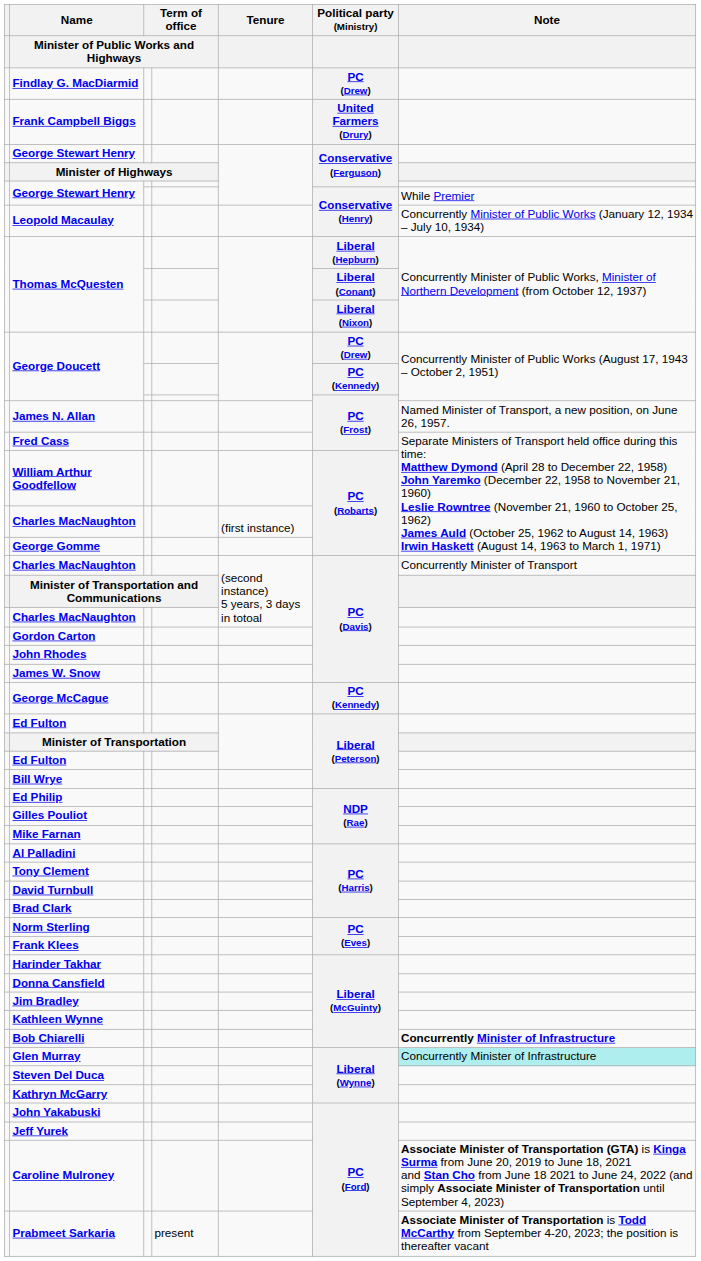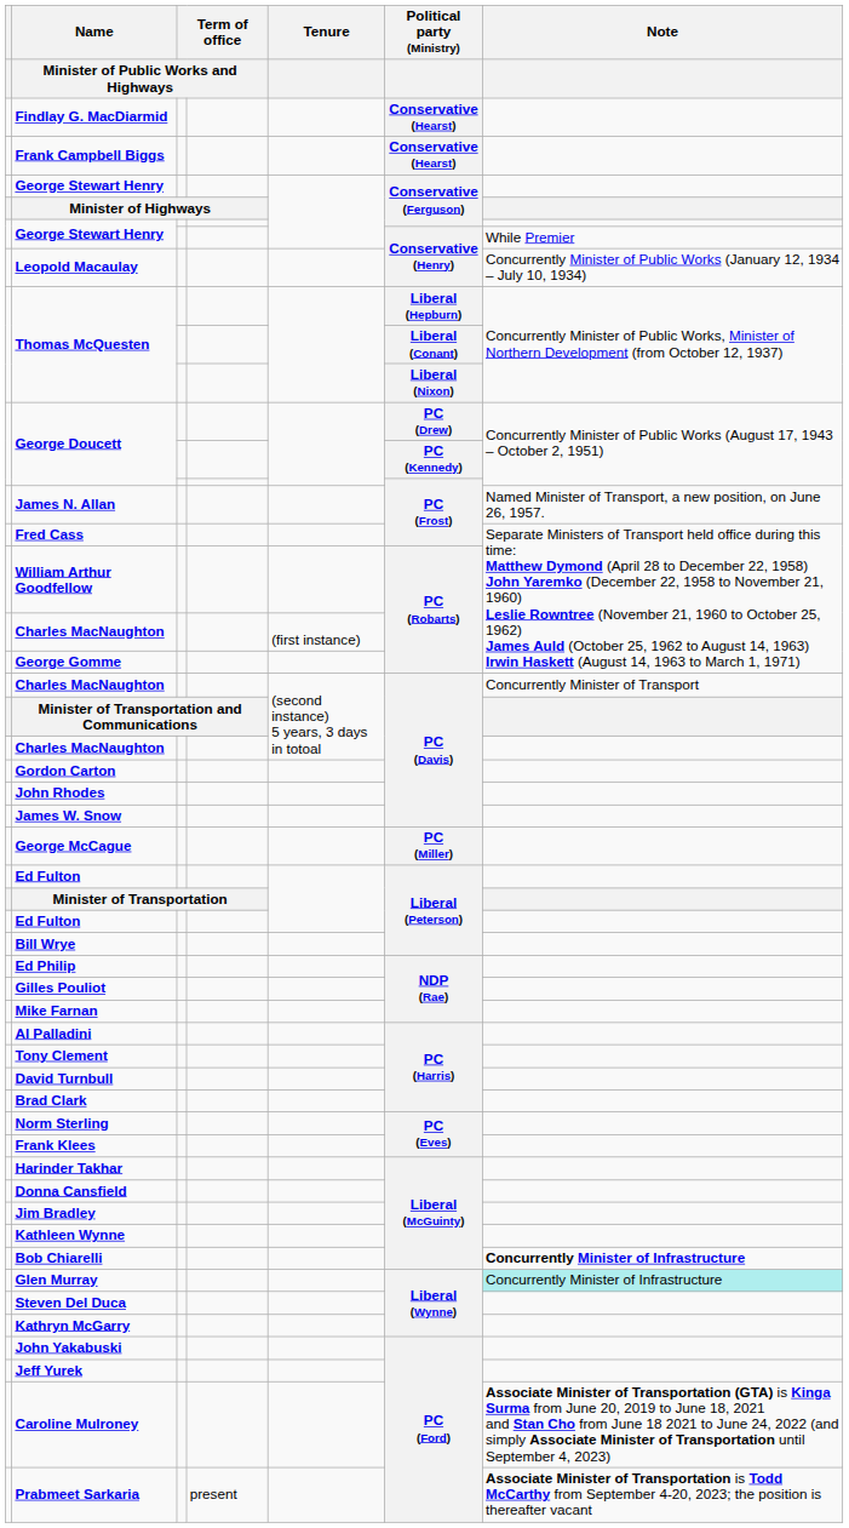 <table class="wikitable" style="width: 75%">
 <tr>
 <th></th>
 <th>Name</th>
 <th colspan=2>Term of office</th>
 <th>Tenure</th>
 <th>Political party<br><small>(Ministry)</small></th>
 <th style="width: 400px;">Note</th>
 </tr>
 <tr>
 <th></th>
 <th colspan=3>Minister of Public Works and Highways</th>
 <th></th>
 <th></th>
 <th></th>
 </tr>
 <tr>
 <td style="background:"></td>
 <td><strong><a href='#'>Findlay G. MacDiarmid</a></strong></td>
 <td></td>
 <td></td>
 <td></td>
-<th style="background:"><a href='#'>PC</a><br><small>(<a href='#'>Drew</a>)</small></th>
+<th style="background:"><a href='#'>Conservative</a><br><small>(<a href='#'>Hearst</a>)</small></th>
 <td></td>
 </tr>
 <tr>
 <td style="background:"></td>
 <td><strong><a href='#'>Frank Campbell Biggs</a></strong></td>
 <td></td>
 <td></td>
 <td></td>
-<th style="background:"><a href='#'>United Farmers</a><br><small>(<a href='#'>Drury</a>)</small></th>
+<th style="background:"><a href='#'>Conservative</a><br><small>(<a href='#'>Hearst</a>)</small></th>
 <td></td>
 </tr>
 <tr>
 <td style="background:"></td>
 <td><strong><a href='#'>George Stewart Henry</a></strong></td>
 <td></td>
 <td></td>
 <td rowspan=4></td>
 <th rowspan=3; style="background:"><a href='#'>Conservative</a><br><small>(<a href='#'>Ferguson</a>)</small></th>
 <td></td>
 </tr>
 <tr>
 <th></th>
 <th colspan=3>Minister of Highways</th>
 <th></th>
 </tr>
 <tr>
 <td rowspan=2; style="background:"></td>
 <td rowspan=2><strong><a href='#'>George Stewart Henry</a></strong></td>
 <td></td>
 <td></td>
 <td></td>
 </tr>
 <tr>
 <td></td>
 <td></td>
 <th rowspan=2; style="background:"><a href='#'>Conservative</a><br><small>(<a href='#'>Henry</a>)</small></th>
 <td>While <a href='#'>Premier</a></td>
 </tr>
 <tr>
 <td style="background:"></td>
 <td><strong><a href='#'>Leopold Macaulay</a></strong></td>
 <td></td>
 <td></td>
 <td></td>
 <td>Concurrently <a href='#'>Minister of Public Works</a> (January 12, 1934 – July 10, 1934)</td>
 </tr>
 <tr>
 <td rowspan=3; style="background:"></td>
 <td rowspan=3><strong><a href='#'>Thomas McQuesten</a></strong></td>
 <td></td>
 <td></td>
 <td rowspan=3></td>
 <th style="background:"><a href='#'>Liberal</a><br><small>(<a href='#'>Hepburn</a>)</small></th>
 <td rowspan=3>Concurrently Minister of Public Works, <a href='#'>Minister of Northern Development</a> (from October 12, 1937)</td>
 </tr>
 <tr>
 <td></td>
 <td></td>
 <th style="background:"><a href='#'>Liberal</a><br><small>(<a href='#'>Conant</a>)</small></th>
 </tr>
 <tr>
 <td></td>
 <td></td>
 <th style="background:"><a href='#'>Liberal</a><br><small>(<a href='#'>Nixon</a>)</small></th>
 </tr>
 <tr>
 <td rowspan=3; style="background:"></td>
 <td rowspan=3><strong><a href='#'>George Doucett</a></strong></td>
 <td></td>
 <td></td>
 <td rowspan=3></td>
 <th style="background:"><a href='#'>PC</a><br><small>(<a href='#'>Drew</a>)</small></th>
 <td rowspan=3>Concurrently Minister of Public Works (August 17, 1943 – October 2, 1951)</td>
 </tr>
 <tr>
 <td></td>
 <td></td>
 <th style="background:"><a href='#'>PC</a><br><small>(<a href='#'>Kennedy</a>)</small></th>
 </tr>
 <tr>
 <td></td>
 <td></td>
 <th rowspan=3; style="background:"><a href='#'>PC</a><br><small>(<a href='#'>Frost</a>)</small></th>
 </tr>
 <tr>
 <td style="background:"></td>
 <td><strong><a href='#'>James N. Allan</a></strong></td>
 <td></td>
 <td></td>
 <td></td>
 <td>Named Minister of Transport, a new position, on June 26, 1957.</td>
 </tr>
 <tr>
 <td style="background:"></td>
 <td><strong><a href='#'>Fred Cass</a></strong></td>
 <td></td>
 <td></td>
 <td></td>
 <td rowspan=4>Separate Ministers of Transport held office during this time: <br><strong><a href='#'>Matthew Dymond</a></strong> (April 28 to December 22, 1958) <br><strong><a href='#'>John Yaremko</a></strong>	(December 22, 1958 to November 21, 1960)<br><strong><a href='#'>Leslie Rowntree</a></strong> (November 21, 1960 to October 25, 1962)<br><strong><a href='#'>James Auld</a></strong> (October 25, 1962 to August 14, 1963)<br><strong><a href='#'>Irwin Haskett</a></strong> (August 14, 1963 to March 1, 1971)</td>
 </tr>
 <tr>
 <td style="background:"></td>
 <td><strong><a href='#'>William Arthur Goodfellow</a></strong></td>
 <td></td>
 <td></td>
 <td></td>
 <th rowspan=3; style="background:"><a href='#'>PC</a><br><small>(<a href='#'>Robarts</a>)</small></th>
 </tr>
 <tr>
 <td style="background:"></td>
 <td><strong><a href='#'>Charles MacNaughton</a></strong></td>
 <td></td>
 <td></td>
 <td><br>(first instance)</td>
 </tr>
 <tr>
 <td style="background:"></td>
 <td><strong><a href='#'>George Gomme</a></strong></td>
 <td></td>
 <td></td>
 <td></td>
 </tr>
 <tr>
 <td style="background:"></td>
 <td><strong><a href='#'>Charles MacNaughton</a></strong></td>
 <td></td>
 <td></td>
 <td rowspan=3><br>(second instance)<br>5 years, 3 days in totoal</td>
 <th rowspan=6; style="background:"><a href='#'>PC</a><br><small>(<a href='#'>Davis</a>)</small></th>
 <td>Concurrently Minister of Transport</td>
 </tr>
 <tr>
 <th></th>
 <th colspan=3>Minister of Transportation and Communications</th>
 <th></th>
 </tr>
 <tr>
 <td style="background:"></td>
 <td><strong><a href='#'>Charles MacNaughton</a></strong></td>
 <td></td>
 <td></td>
 <td></td>
 </tr>
 <tr>
 <td style="background:"></td>
 <td><strong><a href='#'>Gordon Carton</a></strong></td>
 <td></td>
 <td></td>
 <td></td>
 <td></td>
 </tr>
 <tr>
 <td style="background:"></td>
 <td><strong><a href='#'>John Rhodes</a></strong></td>
 <td></td>
 <td></td>
 <td></td>
 <td></td>
 </tr>
 <tr>
 <td style="background:"></td>
 <td><strong><a href='#'>James W. Snow</a></strong></td>
 <td></td>
 <td></td>
 <td></td>
 <td></td>
 </tr>
 <tr>
 <td style="background:"></td>
 <td><strong><a href='#'>George McCague</a></strong></td>
 <td></td>
 <td></td>
 <td></td>
-<th style="background:"><a href='#'>PC</a><br><small>(<a href='#'>Kennedy</a>)</small></th>
+<th style="background:"><a href='#'>PC</a><br><small>(<a href='#'>Miller</a>)</small></th>
 <td></td>
 </tr>
 <tr>
 <td style="background:"></td>
 <td><strong><a href='#'>Ed Fulton</a></strong></td>
 <td></td>
 <td></td>
 <td rowspan=3></td>
 <th rowspan=4; style="background:"><a href='#'>Liberal</a><br><small>(<a href='#'>Peterson</a>)</small></th>
 <td></td>
 </tr>
 <tr>
 <th></th>
 <th colspan=3>Minister of Transportation</th>
 <th></th>
 </tr>
 <tr>
 <td style="background:"></td>
 <td><strong><a href='#'>Ed Fulton</a></strong></td>
 <td></td>
 <td></td>
 <td></td>
 </tr>
 <tr>
 <td style="background:"></td>
 <td><strong><a href='#'>Bill Wrye</a></strong></td>
 <td></td>
 <td></td>
 <td></td>
 <td></td>
 </tr>
 <tr>
 <td style="background:"></td>
 <td><strong><a href='#'>Ed Philip</a></strong></td>
 <td></td>
 <td></td>
 <td></td>
 <th rowspan=3 ; style="background:"><a href='#'>NDP</a><br><small>(<a href='#'>Rae</a>)</small></th>
 <td></td>
 </tr>
 <tr>
 <td style="background:"></td>
 <td><strong><a href='#'>Gilles Pouliot</a></strong></td>
 <td></td>
 <td></td>
 <td></td>
 <td></td>
 </tr>
 <tr>
 <td style="background:"></td>
 <td><strong><a href='#'>Mike Farnan</a></strong></td>
 <td></td>
 <td></td>
 <td></td>
 <td></td>
 </tr>
 <tr>
 <td style="background:"></td>
 <td><strong><a href='#'>Al Palladini</a></strong></td>
 <td></td>
 <td></td>
 <td></td>
 <th rowspan=4; style="background:"><a href='#'>PC</a><br><small>(<a href='#'>Harris</a>)</small></th>
 <td></td>
 </tr>
 <tr>
 <td style="background:"></td>
 <td><strong><a href='#'>Tony Clement</a></strong></td>
 <td></td>
 <td></td>
 <td></td>
 <td></td>
 </tr>
 <tr>
 <td style="background:"></td>
 <td><strong><a href='#'>David Turnbull</a></strong></td>
 <td></td>
 <td></td>
 <td></td>
 <td></td>
 </tr>
 <tr>
 <td style="background:"></td>
 <td><strong><a href='#'>Brad Clark</a></strong></td>
 <td></td>
 <td></td>
 <td></td>
 <td></td>
 </tr>
 <tr>
 <td style="background:"></td>
 <td><strong><a href='#'>Norm Sterling</a></strong></td>
 <td></td>
 <td></td>
 <td></td>
 <th rowspan=2; style="background:"><a href='#'>PC</a><br><small>(<a href='#'>Eves</a>)</small></th>
 <td></td>
 </tr>
 <tr>
 <td style="background:"></td>
 <td><strong><a href='#'>Frank Klees</a></strong></td>
 <td></td>
 <td></td>
 <td></td>
 <td></td>
 </tr>
 <tr>
 <td style="background:"></td>
 <td><strong><a href='#'>Harinder Takhar</a></strong></td>
 <td></td>
 <td></td>
 <td></td>
 <th rowspan=5; style="background:"><a href='#'>Liberal</a><br><small>(<a href='#'>McGuinty</a>)</small></th>
 <td></td>
 </tr>
 <tr>
 <td style="background:"></td>
 <td><strong><a href='#'>Donna Cansfield</a></strong></td>
 <td></td>
 <td></td>
 <td></td>
 <td></td>
 </tr>
 <tr>
 <td style="background:"></td>
 <td><strong><a href='#'>Jim Bradley</a></strong></td>
 <td></td>
 <td></td>
 <td></td>
 <td></td>
 </tr>
 <tr>
 <td style="background:"></td>
 <td><strong><a href='#'>Kathleen Wynne</a></strong></td>
 <td></td>
 <td></td>
 <td></td>
 <td></td>
 </tr>
 <tr>
 <td style="background:"></td>
 <td><strong><a href='#'>Bob Chiarelli</a></strong></td>
 <td></td>
 <td></td>
 <td></td>
 <td><strong>Concurrently <a href='#'>Minister of Infrastructure</a></strong></td>
 </tr>
 <tr>
 <td style="background:"></td>
 <td><strong><a href='#'>Glen Murray</a></strong></td>
 <td></td>
 <td></td>
 <td></td>
 <th rowspan=3; style="background:"><a href='#'>Liberal</a><br><small>(<a href='#'>Wynne</a>)</small></th>
 <td style="background: paleturquoise;">Concurrently Minister of Infrastructure</td>
 </tr>
 <tr>
 <td style="background:"></td>
 <td><strong><a href='#'>Steven Del Duca</a></strong></td>
 <td></td>
 <td></td>
 <td></td>
 <td></td>
 </tr>
 <tr>
 <td style="background:"></td>
 <td><strong><a href='#'>Kathryn McGarry</a></strong></td>
 <td></td>
 <td></td>
 <td></td>
 <td></td>
 </tr>
 <tr>
 <td style="background:"></td>
 <td><strong><a href='#'>John Yakabuski</a></strong></td>
 <td></td>
 <td></td>
 <td></td>
 <th rowspan=4; style="background:"><a href='#'>PC</a><br><small>(<a href='#'>Ford</a>)</small></th>
 <td></td>
 </tr>
 <tr>
 <td style="background:"></td>
 <td><strong><a href='#'>Jeff Yurek</a></strong></td>
 <td></td>
 <td></td>
 <td></td>
 <td></td>
 </tr>
 <tr>
 <td style="background:"></td>
 <td><strong><a href='#'>Caroline Mulroney</a></strong></td>
 <td></td>
 <td></td>
 <td></td>
 <td><strong>Associate Minister of Transportation (GTA)</strong> is <strong><a href='#'>Kinga Surma</a></strong> from June 20, 2019 to June 18, 2021 <br> and <strong><a href='#'>Stan Cho</a></strong> from June 18 2021 to June 24, 2022 (and simply <strong>Associate Minister of Transportation</strong> until September 4, 2023)</td>
 </tr>
 <tr>
 <td style="background:"></td>
 <td><strong><a href='#'>Prabmeet Sarkaria</a></strong></td>
 <td></td>
 <td>present</td>
 <td></td>
 <td><strong>Associate Minister of Transportation</strong> is <strong><a href='#'>Todd McCarthy</a></strong> from September 4-20, 2023; the position is thereafter vacant</td>
 </tr>
 </table>
